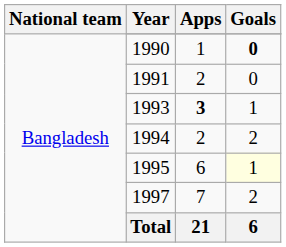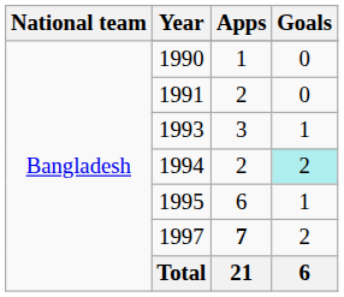 <table class="wikitable" style="text-align: center;">
 <tr>
 <th>National team</th>
 <th>Year</th>
 <th>Apps</th>
 <th>Goals</th>
 </tr>
 <tr>
 <td rowspan="8"><a href='#'>Bangladesh</a></td>
 </tr>
 <tr>
 <td>1990</td>
 <td>1</td>
-<td><strong>0</strong></td>
+<td>0</td>
 </tr>
 <tr>
 <td>1991</td>
 <td>2</td>
 <td>0</td>
 </tr>
 <tr>
 <td>1993</td>
-<td><strong>3</strong></td>
+<td>3</td>
 <td>1</td>
 </tr>
 <tr>
 <td>1994</td>
 <td>2</td>
-<td>2</td>
+<td style="background: paleturquoise;">2</td>
 </tr>
 <tr>
 <td>1995</td>
 <td>6</td>
-<td style="background: lightyellow;">1</td>
+<td>1</td>
 </tr>
 <tr>
 <td>1997</td>
-<td>7</td>
+<td><strong>7</strong></td>
 <td>2</td>
 </tr>
 <tr>
 <th>Total</th>
 <th>21</th>
 <th>6</th>
 </tr>
 </table>
